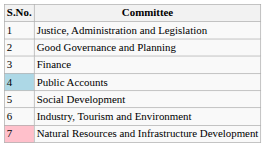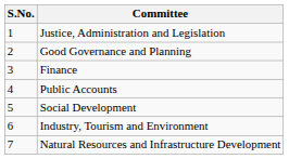 <table class="wikitable">
 <tr>
 <th>S.No.</th>
 <th>Committee</th>
 </tr>
 <tr>
 <td>1</td>
 <td>Justice, Administration and Legislation</td>
 </tr>
 <tr>
 <td>2</td>
 <td>Good Governance and Planning</td>
 </tr>
 <tr>
 <td>3</td>
 <td>Finance</td>
 </tr>
 <tr>
-<td style="background: lightblue;">4</td>
+<td>4</td>
 <td>Public Accounts</td>
 </tr>
 <tr>
 <td>5</td>
 <td>Social Development</td>
 </tr>
 <tr>
 <td>6</td>
 <td>Industry, Tourism and Environment</td>
 </tr>
 <tr>
-<td style="background: pink;">7</td>
+<td>7</td>
 <td>Natural Resources and Infrastructure Development</td>
 </tr>
 </table>
